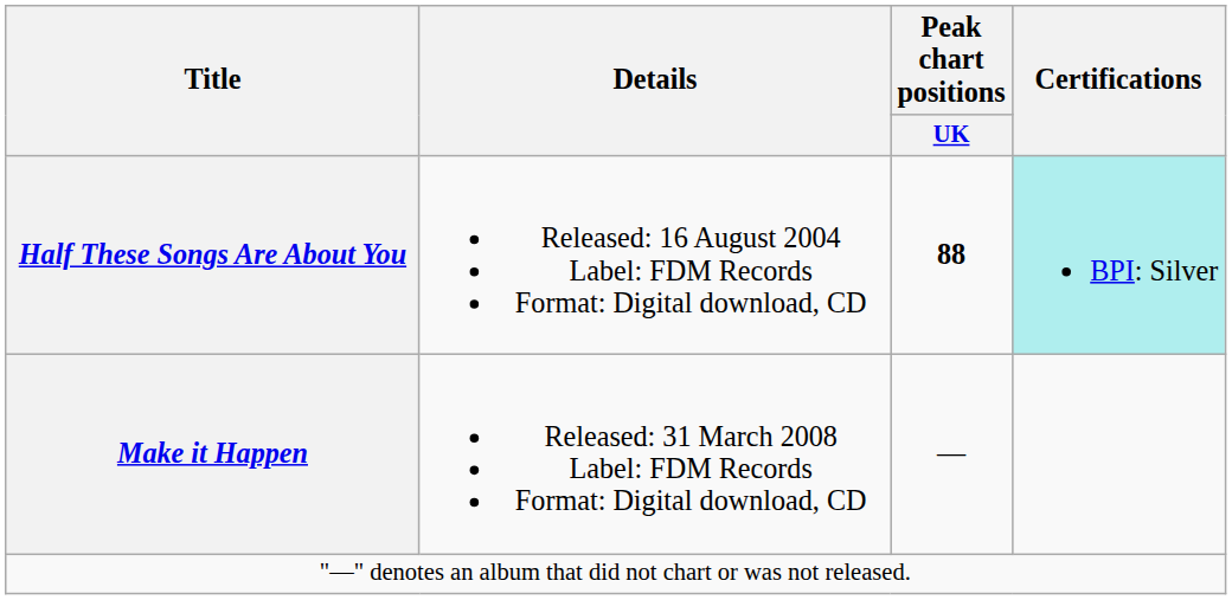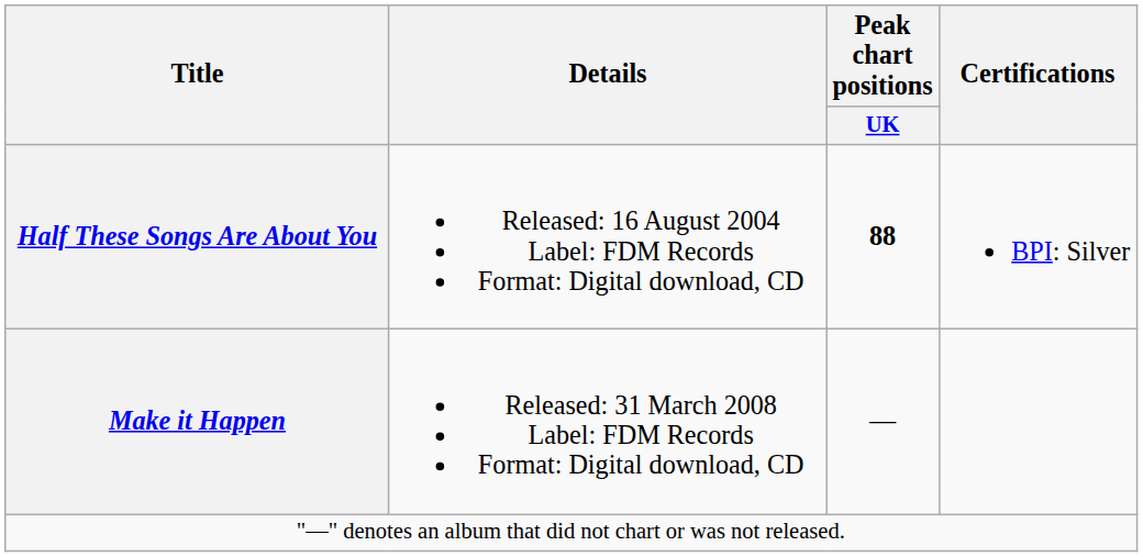 <table class="wikitable plainrowheaders" style="text-align:center;">
 <tr>
 <th scope="col" rowspan="2" style="width:14em;">Title</th>
 <th scope="col" rowspan="2" style="width:16em;">Details</th>
 <th scope="col" colspan="1">Peak chart positions</th>
 <th scope="col" rowspan="2">Certifications</th>
 </tr>
 <tr>
 <th scope="col" style="width:3em;font-size:85%;"><a href='#'>UK</a><br></th>
 </tr>
 <tr>
 <th scope="row"><em><a href='#'>Half These Songs Are About You</a></em></th>
 <td><br><ul><li>Released: 16 August 2004</li><li>Label: FDM Records</li><li>Format: Digital download, CD</li></ul></td>
 <td><strong>88</strong></td>
-<td style="background: paleturquoise;"><br><ul><li><a href='#'>BPI</a>: Silver</li></ul></td>
+<td><br><ul><li><a href='#'>BPI</a>: Silver</li></ul></td>
 </tr>
 <tr>
 <th scope="row"><em><a href='#'>Make it Happen</a></em></th>
 <td><br><ul><li>Released: 31 March 2008</li><li>Label: FDM Records</li><li>Format: Digital download, CD</li></ul></td>
 <td>—</td>
 <td></td>
 </tr>
 <tr>
 <td colspan="22" style="text-align:center; font-size:85%;">"—" denotes an album that did not chart or was not released.</td>
 </tr>
 </table>
